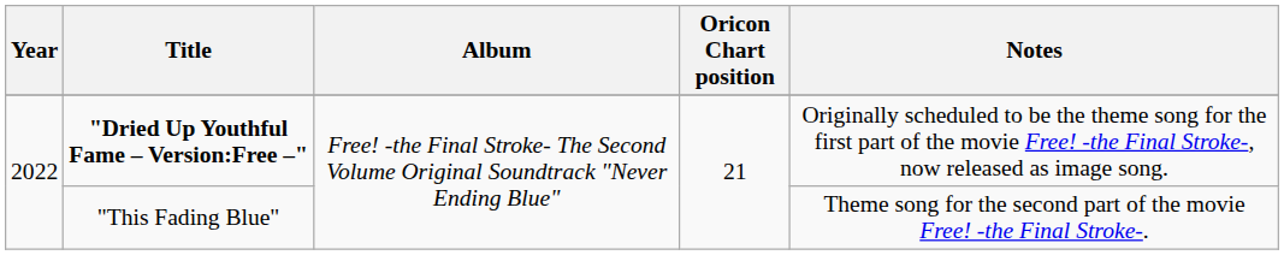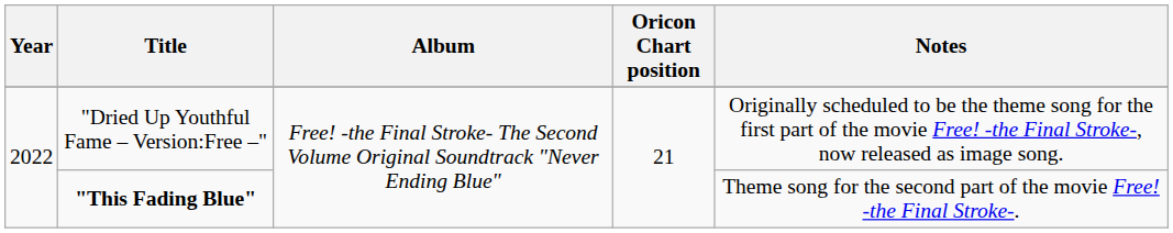 <table class="wikitable" style="text-align: center">
 <tr>
 <th>Year</th>
 <th>Title</th>
 <th>Album</th>
 <th>Oricon Chart <br> position</th>
 <th>Notes</th>
 </tr>
 <tr>
 </tr>
 <tr>
 <td rowspan="2">2022</td>
-<td><strong>"Dried Up Youthful Fame – Version:Free –"</strong></td>
+<td>"Dried Up Youthful Fame – Version:Free –"</td>
 <td rowspan="2"><em>Free! -the Final Stroke- The Second Volume Original Soundtrack "Never Ending Blue"</em></td>
 <td rowspan="2">21</td>
 <td>Originally scheduled to be the theme song for the first part of the movie <em><a href='#'>Free! -the Final Stroke-</a></em>, now released as image song.</td>
 </tr>
 <tr>
-<td>"This Fading Blue"</td>
+<td><strong>"This Fading Blue"</strong></td>
 <td>Theme song for the second part of the movie <em><a href='#'>Free! -the Final Stroke-</a></em>.</td>
 </tr>
 </table>
